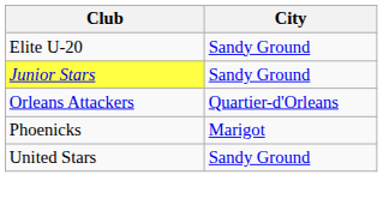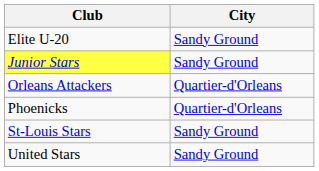 <table class="wikitable">
 <tr>
 <th width="175px">Club</th>
 <th width="150px">City</th>
 </tr>
 <tr>
 <td>Elite U-20</td>
 <td><a href='#'>Sandy Ground</a></td>
 </tr>
 <tr>
 <td style="background:#FFFF44"><em><a href='#'>Junior Stars</a></em></td>
 <td><a href='#'>Sandy Ground</a></td>
 </tr>
 <tr>
 <td><a href='#'>Orleans Attackers</a></td>
 <td><a href='#'>Quartier-d'Orleans</a></td>
 </tr>
 <tr>
 <td>Phoenicks</td>
-<td><a href='#'>Marigot</a></td>
+<td><a href='#'>Quartier-d'Orleans</a></td>
+</tr>
+<tr>
+<td><a href='#'>St-Louis Stars</a></td>
+<td><a href='#'>Sandy Ground</a></td>
 </tr>
 <tr>
 <td>United Stars</td>
 <td><a href='#'>Sandy Ground</a></td>
 </tr>
 </table>
